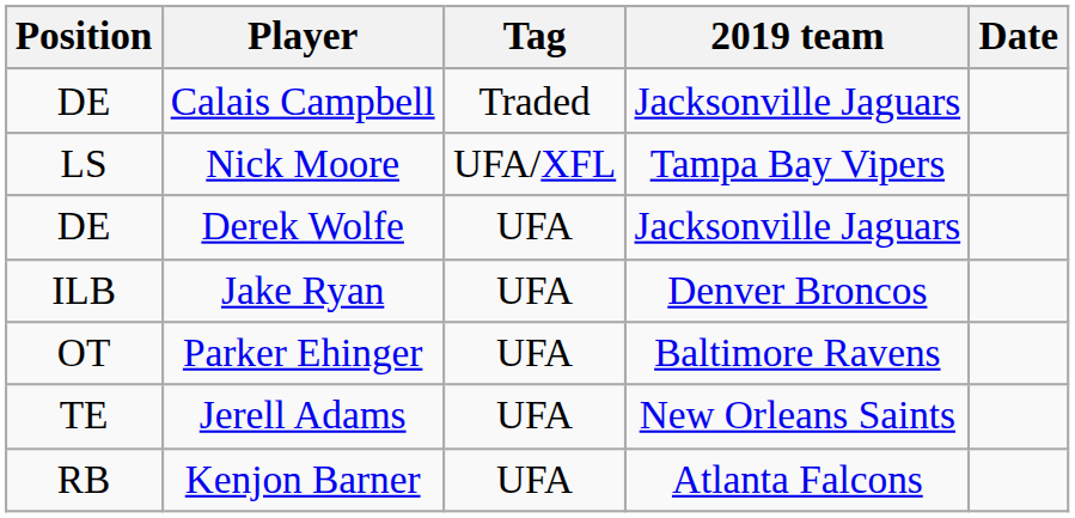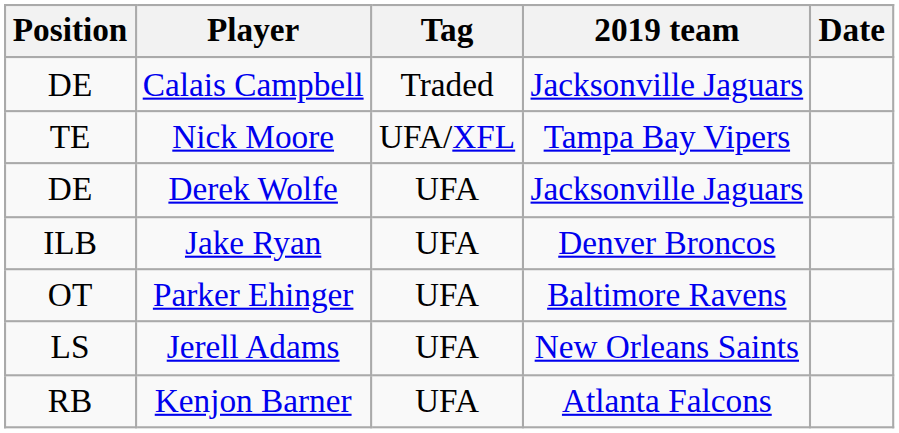 <table class="wikitable sortable" style="text-align:center">
 <tr>
 <th>Position</th>
 <th>Player</th>
 <th>Tag</th>
 <th>2019 team</th>
 <th>Date</th>
 </tr>
 <tr>
 <td>DE</td>
 <td><a href='#'>Calais Campbell</a></td>
 <td>Traded</td>
 <td><a href='#'>Jacksonville Jaguars</a></td>
 <td></td>
 </tr>
 <tr>
-<td>LS</td>
+<td>TE</td>
 <td><a href='#'>Nick Moore</a></td>
 <td>UFA/<a href='#'>XFL</a></td>
 <td><a href='#'>Tampa Bay Vipers</a></td>
 <td></td>
 </tr>
 <tr>
 <td>DE</td>
 <td><a href='#'>Derek Wolfe</a></td>
 <td>UFA</td>
 <td><a href='#'>Jacksonville Jaguars</a></td>
 <td></td>
 </tr>
 <tr>
 <td>ILB</td>
 <td><a href='#'>Jake Ryan</a></td>
 <td>UFA</td>
 <td><a href='#'>Denver Broncos</a></td>
 <td></td>
 </tr>
 <tr>
 <td>OT</td>
 <td><a href='#'>Parker Ehinger</a></td>
 <td>UFA</td>
 <td><a href='#'>Baltimore Ravens</a></td>
 <td></td>
 </tr>
 <tr>
-<td>TE</td>
+<td>LS</td>
 <td><a href='#'>Jerell Adams</a></td>
 <td>UFA</td>
 <td><a href='#'>New Orleans Saints</a></td>
 <td></td>
 </tr>
 <tr>
 <td>RB</td>
 <td><a href='#'>Kenjon Barner</a></td>
 <td>UFA</td>
 <td><a href='#'>Atlanta Falcons</a></td>
 <td></td>
 </tr>
 </table>
